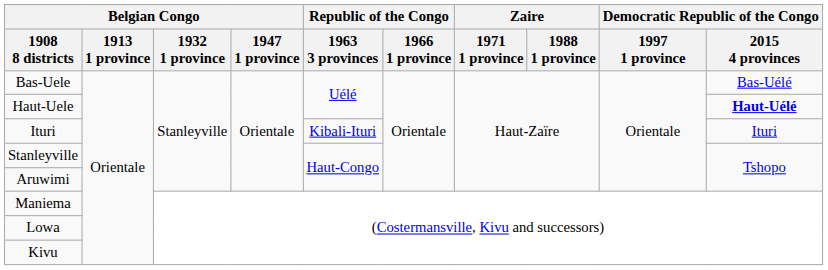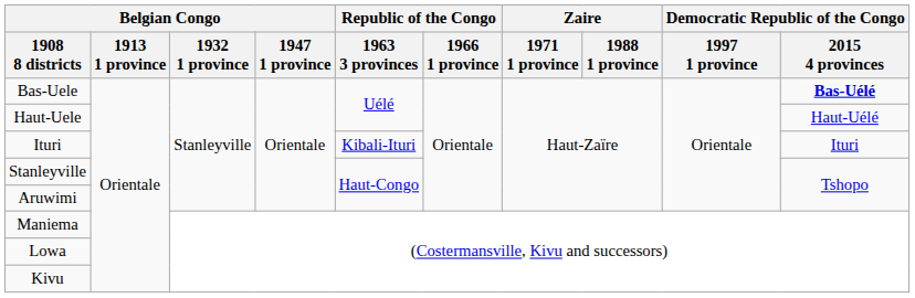 <table class="wikitable" style="font-size:90%; text-align:center">
 <tr>
 <th colspan=4>Belgian Congo</th>
 <th colspan=2>Republic of the Congo</th>
 <th colspan=2>Zaire</th>
 <th colspan=2>Democratic Republic of the Congo</th>
 </tr>
 <tr>
 <th>1908<br>8 districts</th>
 <th>1913<br>1 province</th>
 <th>1932<br>1 province</th>
 <th>1947<br>1 province</th>
 <th>1963<br>3 provinces</th>
 <th>1966<br>1 province</th>
 <th>1971<br>1 province</th>
 <th>1988<br>1 province</th>
 <th>1997<br>1 province</th>
 <th>2015<br>4 provinces</th>
 </tr>
 <tr>
 <td>Bas-Uele</td>
 <td rowspan=9>Orientale</td>
 <td rowspan=5>Stanleyville</td>
 <td rowspan=5>Orientale</td>
 <td rowspan=2><a href='#'>Uélé</a></td>
 <td rowspan=5>Orientale</td>
 <td rowspan=5 colspan=2>Haut-Zaïre</td>
 <td rowspan=5>Orientale</td>
-<td><a href='#'>Bas-Uélé</a></td>
+<td><strong><a href='#'>Bas-Uélé</a></strong></td>
 </tr>
 <tr>
 <td>Haut-Uele</td>
-<td><strong><a href='#'>Haut-Uélé</a></strong></td>
+<td><a href='#'>Haut-Uélé</a></td>
 </tr>
 <tr>
 <td>Ituri</td>
 <td><a href='#'>Kibali-Ituri</a></td>
 <td><a href='#'>Ituri</a></td>
 </tr>
 <tr>
 <td>Stanleyville</td>
 <td rowspan=2><a href='#'>Haut-Congo</a></td>
 <td rowspan=2><a href='#'>Tshopo</a></td>
 </tr>
 <tr>
 <td>Aruwimi</td>
 </tr>
 <tr>
 <td>Maniema</td>
 <td rowspan=4 colspan=8 style="background:white;">(<a href='#'>Costermansville</a>, <a href='#'>Kivu</a> and successors)</td>
 </tr>
 <tr>
 <td>Lowa</td>
 </tr>
 <tr>
 <td>Kivu</td>
 </tr>
 </table>
